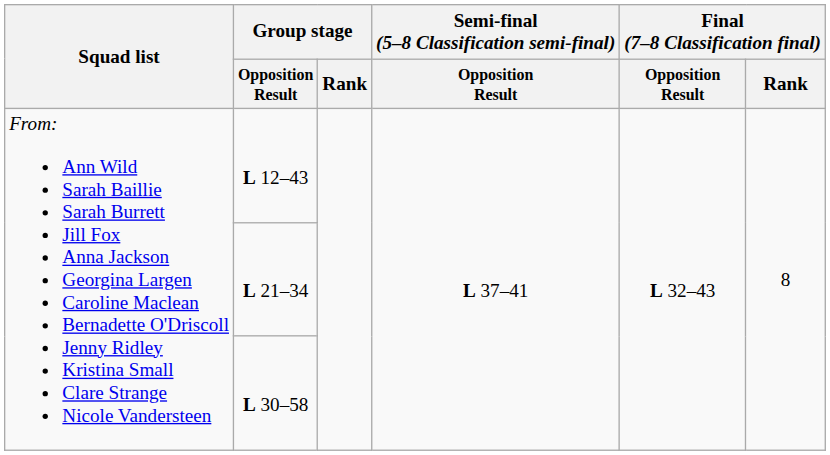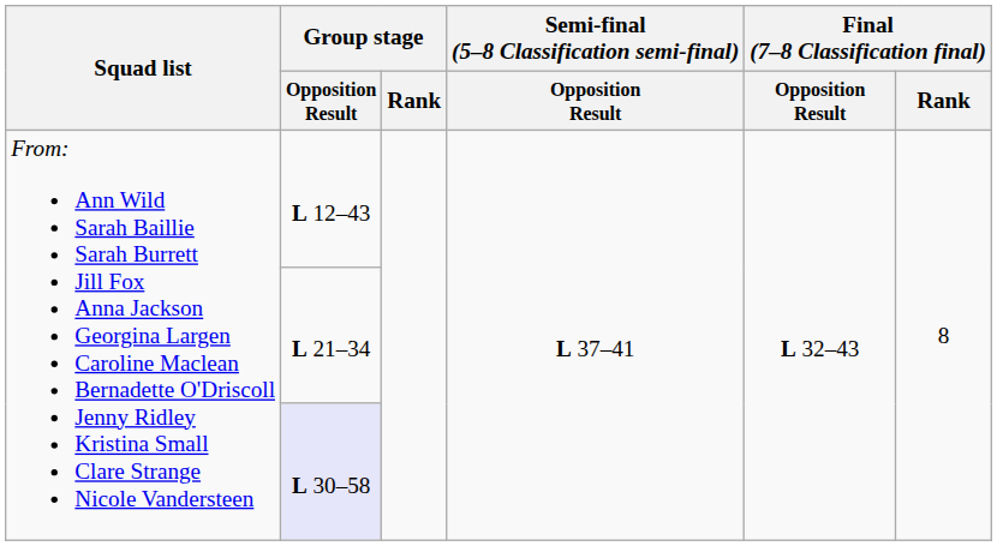 <table class=wikitable style="font-size:90%">
 <tr>
 <th rowspan="2">Squad list</th>
 <th colspan="2">Group stage</th>
 <th>Semi-final<br><em>(5–8 Classification semi-final)</em></th>
 <th colspan="2">Final<br><em>(7–8 Classification final)</em></th>
 </tr>
 <tr>
 <th style="line-height:1em"><small>Opposition<br>Result</small></th>
 <th>Rank</th>
 <th style="line-height:1em"><small>Opposition<br>Result</small></th>
 <th style="line-height:1em"><small>Opposition<br>Result</small></th>
 <th>Rank</th>
 </tr>
 <tr>
 <td rowspan="3"><em>From:</em><br><ul><li><a href='#'>Ann Wild</a></li><li><a href='#'>Sarah Baillie</a></li><li><a href='#'>Sarah Burrett</a></li><li><a href='#'>Jill Fox</a></li><li><a href='#'>Anna Jackson</a></li><li><a href='#'>Georgina Largen</a></li><li><a href='#'>Caroline Maclean</a></li><li><a href='#'>Bernadette O'Driscoll</a></li><li><a href='#'>Jenny Ridley</a></li><li><a href='#'>Kristina Small</a></li><li><a href='#'>Clare Strange</a></li><li><a href='#'>Nicole Vandersteen</a></li></ul></td>
 <td align="center"><br> <strong>L</strong> 12–43</td>
 <td rowspan="3" align="center"></td>
 <td rowspan="3" align="center"><em></em> <br> <strong>L</strong> 37–41</td>
 <td rowspan="3" align="center"><em></em> <br> <strong>L</strong> 32–43</td>
 <td rowspan="3" align="center">8</td>
 </tr>
 <tr>
 <td align="center"><br><strong>L</strong> 21–34</td>
 </tr>
 <tr>
-<td align="center"><br> <strong>L</strong> 30–58</td>
+<td align="center" style="background: lavender;"><br> <strong>L</strong> 30–58</td>
 </tr>
 </table>
